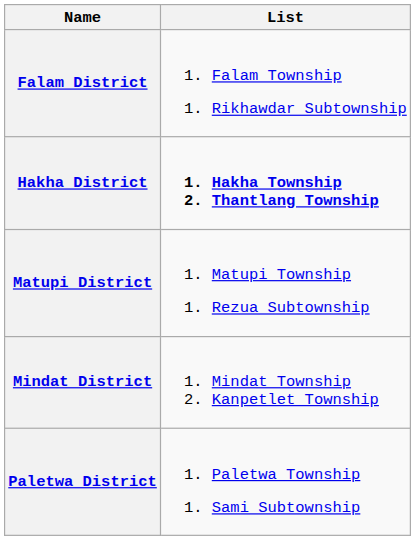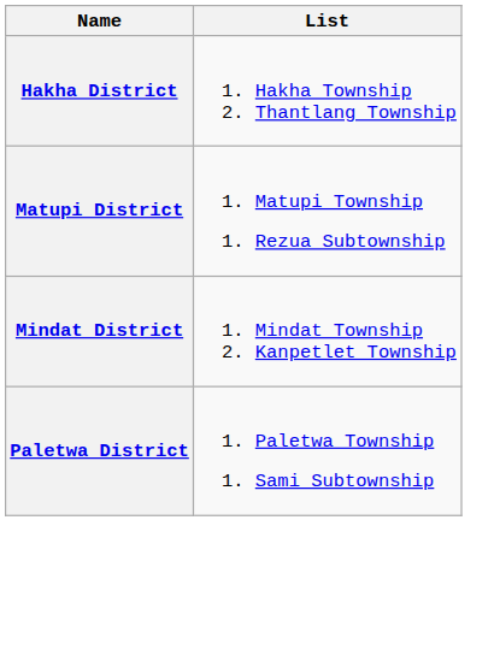 <table class=wikitable>
 <tr>
 <th>Name</th>
 <th>List</th>
 </tr>
 <tr>
-<th><a href='#'>Falam District</a></th>
-<td><br> <ol><li><a href='#'>Falam Township</a></li></ol><ol><li><a href='#'>Rikhawdar Subtownship</a></li></ol></td>
-</tr>
-<tr>
 <th><a href='#'>Hakha District</a></th>
-<td><strong><br><ol><li><a href='#'>Hakha Township</a></li><li><a href='#'>Thantlang Township</a></li></ol></strong></td>
+<td><br><ol><li><a href='#'>Hakha Township</a></li><li><a href='#'>Thantlang Township</a></li></ol></td>
 </tr>
 <tr>
 <th><a href='#'>Matupi District</a></th>
 <td><br> <ol><li><a href='#'>Matupi Township</a></li></ol><ol><li><a href='#'>Rezua Subtownship</a></li></ol></td>
 </tr>
 <tr>
 <th><a href='#'>Mindat District</a></th>
 <td><br><ol><li><a href='#'>Mindat Township</a></li><li><a href='#'>Kanpetlet Township</a></li></ol></td>
 </tr>
 <tr>
 <th><a href='#'>Paletwa District</a></th>
 <td><br> <ol><li><a href='#'>Paletwa Township</a></li></ol><ol><li><a href='#'>Sami Subtownship</a></li></ol></td>
 </tr>
 </table>
